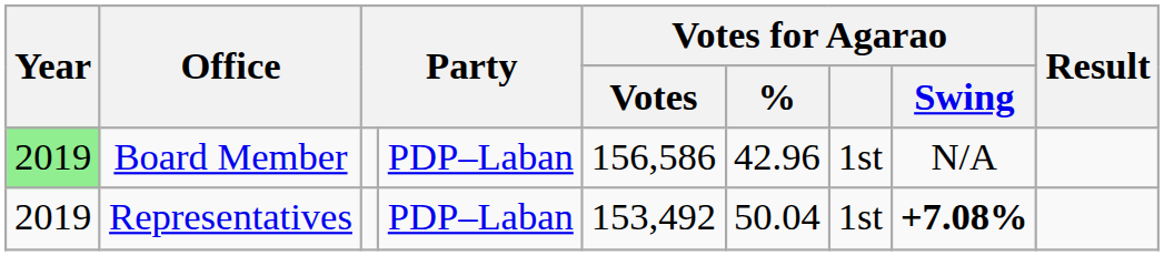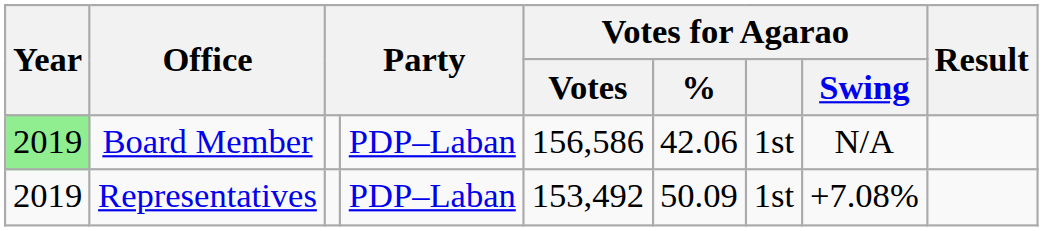 <table class="wikitable" style="text-align:center">
 <tr>
 <th rowspan="2">Year</th>
 <th rowspan="2">Office</th>
 <th rowspan="2" colspan="2">Party</th>
 <th colspan="4">Votes for Agarao</th>
 <th rowspan="2">Result</th>
 </tr>
 <tr>
 <th>Votes</th>
 <th>%</th>
 <th></th>
 <th><a href='#'>Swing</a></th>
 </tr>
 <tr>
 <td style="background: lightgreen;">2019</td>
 <td><a href='#'>Board Member</a></td>
 <td style="background:"></td>
 <td><a href='#'>PDP–Laban</a></td>
 <td>156,586</td>
-<td>42.96</td>
+<td>42.06</td>
 <td>1st</td>
 <td>N/A</td>
 <td></td>
 </tr>
 <tr>
 <td>2019</td>
 <td><a href='#'>Representatives</a></td>
 <td style="background:"></td>
 <td><a href='#'>PDP–Laban</a></td>
 <td>153,492</td>
-<td>50.04</td>
+<td>50.09</td>
 <td>1st</td>
-<td><strong>+7.08%</strong></td>
+<td>+7.08%</td>
 <td></td>
 </tr>
 </table>
